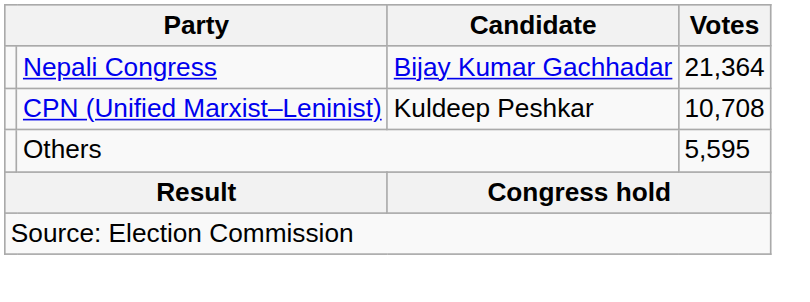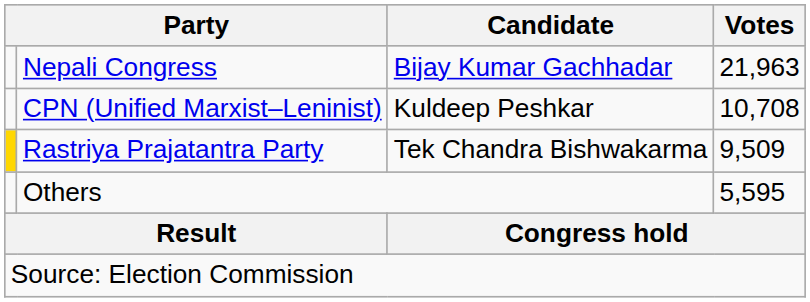 <table class="wikitable">
 <tr>
 <th colspan="2">Party</th>
 <th>Candidate</th>
 <th>Votes</th>
 </tr>
 <tr>
 <td style="background-color:"></td>
 <td><a href='#'>Nepali Congress</a></td>
 <td><a href='#'>Bijay Kumar Gachhadar</a></td>
-<td>21,364</td>
+<td>21,963</td>
 </tr>
 <tr>
 <td style="background-color:"></td>
 <td><a href='#'>CPN (Unified Marxist–Leninist)</a></td>
 <td>Kuldeep Peshkar</td>
 <td>10,708</td>
+</tr>
+<tr>
+<td style="background-color:gold"></td>
+<td><a href='#'>Rastriya Prajatantra Party</a></td>
+<td>Tek Chandra Bishwakarma</td>
+<td>9,509</td>
 </tr>
 <tr>
 <td></td>
 <td colspan="2">Others</td>
 <td>5,595</td>
 </tr>
 <tr>
 <th colspan="2">Result</th>
 <th colspan="2">Congress hold</th>
 </tr>
 <tr>
 <td colspan="4">Source: Election Commission</td>
 </tr>
 </table>
